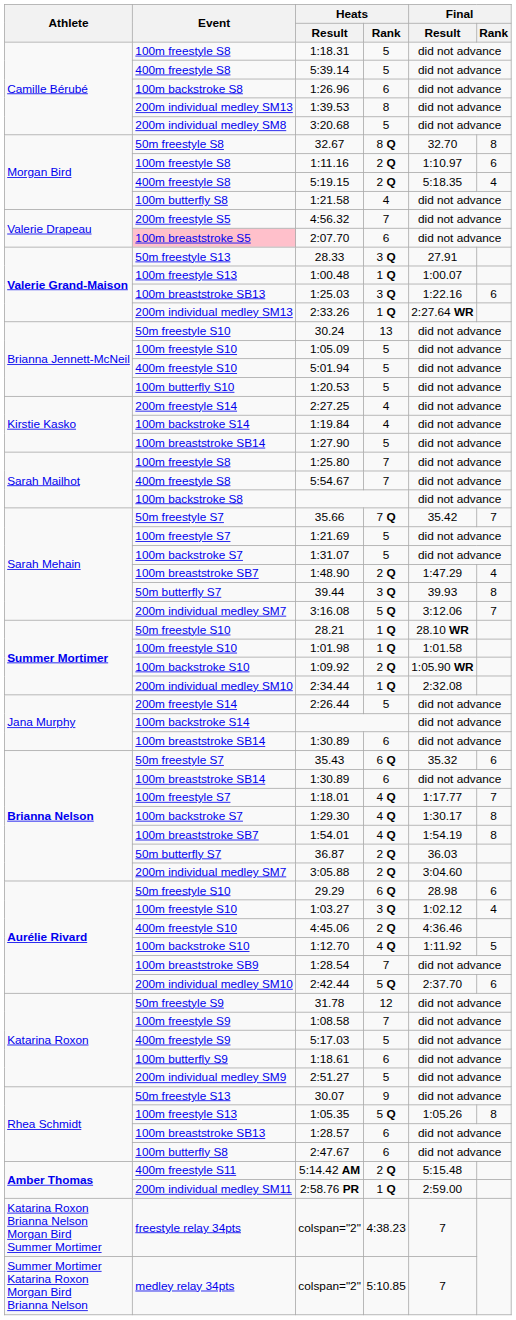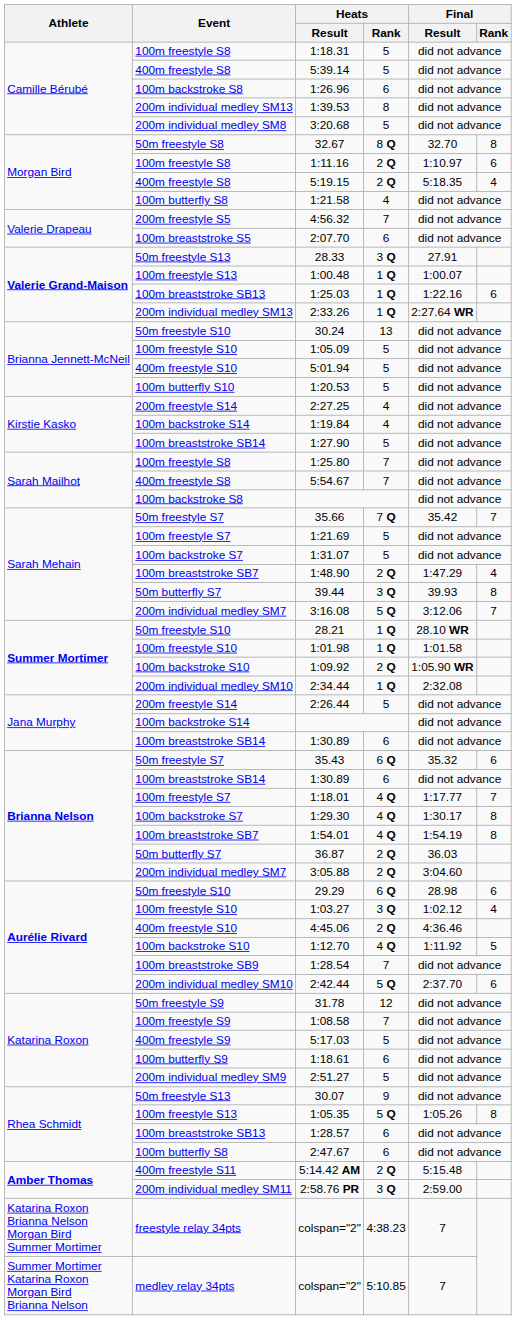 <table class=wikitable style="font-size:90%">
 <tr>
 <th rowspan="2">Athlete</th>
 <th rowspan="2">Event</th>
 <th colspan="2">Heats</th>
 <th colspan="2">Final</th>
 </tr>
 <tr>
 <th>Result</th>
 <th>Rank</th>
 <th>Result</th>
 <th>Rank</th>
 </tr>
 <tr align=center>
 <td rowspan=5 align=left><a href='#'>Camille Bérubé</a></td>
 <td align=left><a href='#'>100m freestyle S8</a></td>
 <td>1:18.31</td>
 <td>5</td>
 <td colspan="2">did not advance</td>
 </tr>
 <tr align=center>
 <td align=left><a href='#'>400m freestyle S8</a></td>
 <td>5:39.14</td>
 <td>5</td>
 <td colspan="2">did not advance</td>
 </tr>
 <tr align=center>
 <td align=left><a href='#'>100m backstroke S8</a></td>
 <td>1:26.96</td>
 <td>6</td>
 <td colspan="2">did not advance</td>
 </tr>
 <tr align=center>
 <td align=left><a href='#'>200m individual medley SM13</a></td>
 <td>1:39.53</td>
 <td>8</td>
 <td colspan="2">did not advance</td>
 </tr>
 <tr align=center>
 <td align=left><a href='#'>200m individual medley SM8</a></td>
 <td>3:20.68</td>
 <td>5</td>
 <td colspan="2">did not advance</td>
 </tr>
 <tr align=center>
 <td rowspan=4 align=left><a href='#'>Morgan Bird</a></td>
 <td align=left><a href='#'>50m freestyle S8</a></td>
 <td>32.67</td>
 <td>8 <strong>Q</strong></td>
 <td>32.70</td>
 <td>8</td>
 </tr>
 <tr align=center>
 <td align=left><a href='#'>100m freestyle S8</a></td>
 <td>1:11.16</td>
 <td>2 <strong>Q</strong></td>
 <td>1:10.97</td>
 <td>6</td>
 </tr>
 <tr align=center>
 <td align=left><a href='#'>400m freestyle S8</a></td>
 <td>5:19.15</td>
 <td>2 <strong>Q</strong></td>
 <td>5:18.35</td>
 <td>4</td>
 </tr>
 <tr align=center>
 <td align=left><a href='#'>100m butterfly S8</a></td>
 <td>1:21.58</td>
 <td>4</td>
 <td colspan="2">did not advance</td>
 </tr>
 <tr align=center>
 <td rowspan=2 align=left><a href='#'>Valerie Drapeau</a></td>
 <td align=left><a href='#'>200m freestyle S5</a></td>
 <td>4:56.32</td>
 <td>7</td>
 <td colspan="2">did not advance</td>
 </tr>
 <tr align=center>
-<td align=left style="background: pink;"><a href='#'>100m breaststroke S5</a></td>
+<td align=left><a href='#'>100m breaststroke S5</a></td>
 <td>2:07.70</td>
 <td>6</td>
 <td colspan="2">did not advance</td>
 </tr>
 <tr align=center>
 <td rowspan=4 align=left><strong><a href='#'>Valerie Grand-Maison</a></strong></td>
 <td align=left><a href='#'>50m freestyle S13</a></td>
 <td>28.33</td>
 <td>3 <strong>Q</strong></td>
 <td>27.91</td>
 <td></td>
 </tr>
 <tr align=center>
 <td align=left><a href='#'>100m freestyle S13</a></td>
 <td>1:00.48</td>
 <td>1 <strong>Q</strong></td>
 <td>1:00.07</td>
 <td></td>
 </tr>
 <tr align=center>
 <td align=left><a href='#'>100m breaststroke SB13</a></td>
 <td>1:25.03</td>
-<td>3 <strong>Q</strong></td>
+<td>1 <strong>Q</strong></td>
 <td>1:22.16</td>
 <td>6</td>
 </tr>
 <tr align=center>
 <td align=left><a href='#'>200m individual medley SM13</a></td>
 <td>2:33.26</td>
 <td>1 <strong>Q</strong></td>
 <td>2:27.64 <strong>WR</strong></td>
 <td></td>
 </tr>
 <tr align=center>
 <td rowspan=4 align=left><a href='#'>Brianna Jennett-McNeil</a></td>
 <td align=left><a href='#'>50m freestyle S10</a></td>
 <td>30.24</td>
 <td>13</td>
 <td colspan="2">did not advance</td>
 </tr>
 <tr align=center>
 <td align=left><a href='#'>100m freestyle S10</a></td>
 <td>1:05.09</td>
 <td>5</td>
 <td colspan="2">did not advance</td>
 </tr>
 <tr align=center>
 <td align=left><a href='#'>400m freestyle S10</a></td>
 <td>5:01.94</td>
 <td>5</td>
 <td colspan="2">did not advance</td>
 </tr>
 <tr align=center>
 <td align=left><a href='#'>100m butterfly S10</a></td>
 <td>1:20.53</td>
 <td>5</td>
 <td colspan="2">did not advance</td>
 </tr>
 <tr align=center>
 <td rowspan=3 align=left><a href='#'>Kirstie Kasko</a></td>
 <td align=left><a href='#'>200m freestyle S14</a></td>
 <td>2:27.25</td>
 <td>4</td>
 <td colspan="2">did not advance</td>
 </tr>
 <tr align=center>
 <td align=left><a href='#'>100m backstroke S14</a></td>
 <td>1:19.84</td>
 <td>4</td>
 <td colspan="2">did not advance</td>
 </tr>
 <tr align=center>
 <td align=left><a href='#'>100m breaststroke SB14</a></td>
 <td>1:27.90</td>
 <td>5</td>
 <td colspan="2">did not advance</td>
 </tr>
 <tr align=center>
 <td rowspan=3 align=left><a href='#'>Sarah Mailhot</a></td>
 <td align=left><a href='#'>100m freestyle S8</a></td>
 <td>1:25.80</td>
 <td>7</td>
 <td colspan="2">did not advance</td>
 </tr>
 <tr align=center>
 <td align=left><a href='#'>400m freestyle S8</a></td>
 <td>5:54.67</td>
 <td>7</td>
 <td colspan="2">did not advance</td>
 </tr>
 <tr align=center>
 <td align=left><a href='#'>100m backstroke S8</a></td>
 <td colspan="2"></td>
 <td colspan="2">did not advance</td>
 </tr>
 <tr align=center>
 <td rowspan=6 align=left><a href='#'>Sarah Mehain</a></td>
 <td align=left><a href='#'>50m freestyle S7</a></td>
 <td>35.66</td>
 <td>7 <strong>Q</strong></td>
 <td>35.42</td>
 <td>7</td>
 </tr>
 <tr align=center>
 <td align=left><a href='#'>100m freestyle S7</a></td>
 <td>1:21.69</td>
 <td>5</td>
 <td colspan="2">did not advance</td>
 </tr>
 <tr align=center>
 <td align=left><a href='#'>100m backstroke S7</a></td>
 <td>1:31.07</td>
 <td>5</td>
 <td colspan="2">did not advance</td>
 </tr>
 <tr align=center>
 <td align=left><a href='#'>100m breaststroke SB7</a></td>
 <td>1:48.90</td>
 <td>2 <strong>Q</strong></td>
 <td>1:47.29</td>
 <td>4</td>
 </tr>
 <tr align=center>
 <td align=left><a href='#'>50m butterfly S7</a></td>
 <td>39.44</td>
 <td>3 <strong>Q</strong></td>
 <td>39.93</td>
 <td>8</td>
 </tr>
 <tr align=center>
 <td align=left><a href='#'>200m individual medley SM7</a></td>
 <td>3:16.08</td>
 <td>5 <strong>Q</strong></td>
 <td>3:12.06</td>
 <td>7</td>
 </tr>
 <tr align=center>
 <td rowspan=4 align=left><strong><a href='#'>Summer Mortimer</a></strong></td>
 <td align=left><a href='#'>50m freestyle S10</a></td>
 <td>28.21</td>
 <td>1 <strong>Q</strong></td>
 <td>28.10 <strong>WR</strong></td>
 <td></td>
 </tr>
 <tr align=center>
 <td align=left><a href='#'>100m freestyle S10</a></td>
 <td>1:01.98</td>
 <td>1 <strong>Q</strong></td>
 <td>1:01.58</td>
 <td></td>
 </tr>
 <tr align=center>
 <td align=left><a href='#'>100m backstroke S10</a></td>
 <td>1:09.92</td>
 <td>2 <strong>Q</strong></td>
 <td>1:05.90 <strong>WR</strong></td>
 <td></td>
 </tr>
 <tr align=center>
 <td align=left><a href='#'>200m individual medley SM10</a></td>
 <td>2:34.44</td>
 <td>1 <strong>Q</strong></td>
 <td>2:32.08</td>
 <td></td>
 </tr>
 <tr align=center>
 <td rowspan=3 align=left><a href='#'>Jana Murphy</a></td>
 <td align=left><a href='#'>200m freestyle S14</a></td>
 <td>2:26.44</td>
 <td>5</td>
 <td colspan="2">did not advance</td>
 </tr>
 <tr align=center>
 <td align=left><a href='#'>100m backstroke S14</a></td>
 <td colspan="2"></td>
 <td colspan="2">did not advance</td>
 </tr>
 <tr align=center>
 <td align=left><a href='#'>100m breaststroke SB14</a></td>
 <td>1:30.89</td>
 <td>6</td>
 <td colspan="2">did not advance</td>
 </tr>
 <tr align=center>
 <td rowspan=7 align=left><strong><a href='#'>Brianna Nelson</a></strong></td>
 <td align=left><a href='#'>50m freestyle S7</a></td>
 <td>35.43</td>
 <td>6 <strong>Q</strong></td>
 <td>35.32</td>
 <td>6</td>
 </tr>
 <tr align=center>
 <td align=left><a href='#'>100m breaststroke SB14</a></td>
 <td>1:30.89</td>
 <td>6</td>
 <td colspan="2">did not advance</td>
 </tr>
 <tr align=center>
 <td align=left><a href='#'>100m freestyle S7</a></td>
 <td>1:18.01</td>
 <td>4 <strong>Q</strong></td>
 <td>1:17.77</td>
 <td>7</td>
 </tr>
 <tr align=center>
 <td align=left><a href='#'>100m backstroke S7</a></td>
 <td>1:29.30</td>
 <td>4 <strong>Q</strong></td>
 <td>1:30.17</td>
 <td>8</td>
 </tr>
 <tr align=center>
 <td align=left><a href='#'>100m breaststroke SB7</a></td>
 <td>1:54.01</td>
 <td>4 <strong>Q</strong></td>
 <td>1:54.19</td>
 <td>8</td>
 </tr>
 <tr align=center>
 <td align=left><a href='#'>50m butterfly S7</a></td>
 <td>36.87</td>
 <td>2 <strong>Q</strong></td>
 <td>36.03</td>
 <td></td>
 </tr>
 <tr align=center>
 <td align=left><a href='#'>200m individual medley SM7</a></td>
 <td>3:05.88</td>
 <td>2 <strong>Q</strong></td>
 <td>3:04.60</td>
 <td></td>
 </tr>
 <tr align=center>
 <td rowspan=6 align=left><strong><a href='#'>Aurélie Rivard</a></strong></td>
 <td align=left><a href='#'>50m freestyle S10</a></td>
 <td>29.29</td>
 <td>6 <strong>Q</strong></td>
 <td>28.98</td>
 <td>6</td>
 </tr>
 <tr align=center>
 <td align=left><a href='#'>100m freestyle S10</a></td>
 <td>1:03.27</td>
 <td>3 <strong>Q</strong></td>
 <td>1:02.12</td>
 <td>4</td>
 </tr>
 <tr align=center>
 <td align=left><a href='#'>400m freestyle S10</a></td>
 <td>4:45.06</td>
 <td>2 <strong>Q</strong></td>
 <td>4:36.46</td>
 <td></td>
 </tr>
 <tr align=center>
 <td align=left><a href='#'>100m backstroke S10</a></td>
 <td>1:12.70</td>
 <td>4 <strong>Q</strong></td>
 <td>1:11.92</td>
 <td>5</td>
 </tr>
 <tr align=center>
 <td align=left><a href='#'>100m breaststroke SB9</a></td>
 <td>1:28.54</td>
 <td>7</td>
 <td colspan="2">did not advance</td>
 </tr>
 <tr align=center>
 <td align=left><a href='#'>200m individual medley SM10</a></td>
 <td>2:42.44</td>
 <td>5 <strong>Q</strong></td>
 <td>2:37.70</td>
 <td>6</td>
 </tr>
 <tr align=center>
 <td rowspan=5 align=left><a href='#'>Katarina Roxon</a></td>
 <td align=left><a href='#'>50m freestyle S9</a></td>
 <td>31.78</td>
 <td>12</td>
 <td colspan="2">did not advance</td>
 </tr>
 <tr align=center>
 <td align=left><a href='#'>100m freestyle S9</a></td>
 <td>1:08.58</td>
 <td>7</td>
 <td colspan="2">did not advance</td>
 </tr>
 <tr align=center>
 <td align=left><a href='#'>400m freestyle S9</a></td>
 <td>5:17.03</td>
 <td>5</td>
 <td colspan="2">did not advance</td>
 </tr>
 <tr align=center>
 <td align=left><a href='#'>100m butterfly S9</a></td>
 <td>1:18.61</td>
 <td>6</td>
 <td colspan="2">did not advance</td>
 </tr>
 <tr align=center>
 <td align=left><a href='#'>200m individual medley SM9</a></td>
 <td>2:51.27</td>
 <td>5</td>
 <td colspan="2">did not advance</td>
 </tr>
 <tr align=center>
 <td rowspan=4 align=left><a href='#'>Rhea Schmidt</a></td>
 <td align=left><a href='#'>50m freestyle S13</a></td>
 <td>30.07</td>
 <td>9</td>
 <td colspan="2">did not advance</td>
 </tr>
 <tr align=center>
 <td align=left><a href='#'>100m freestyle S13</a></td>
 <td>1:05.35</td>
 <td>5 <strong>Q</strong></td>
 <td>1:05.26</td>
 <td>8</td>
 </tr>
 <tr align=center>
 <td align=left><a href='#'>100m breaststroke SB13</a></td>
 <td>1:28.57</td>
 <td>6</td>
 <td colspan="2">did not advance</td>
 </tr>
 <tr align=center>
 <td align=left><a href='#'>100m butterfly S8</a></td>
 <td>2:47.67</td>
 <td>6</td>
 <td colspan="2">did not advance</td>
 </tr>
 <tr align=center>
 <td rowspan=2 align=left><strong><a href='#'>Amber Thomas</a></strong></td>
 <td align=left><a href='#'>400m freestyle S11</a></td>
 <td>5:14.42 <strong>AM</strong></td>
 <td>2 <strong>Q</strong></td>
 <td>5:15.48</td>
 <td></td>
 </tr>
 <tr align=center>
 <td align=left><a href='#'>200m individual medley SM11</a></td>
 <td>2:58.76 <strong>PR</strong></td>
-<td>1 <strong>Q</strong></td>
+<td>3 <strong>Q</strong></td>
 <td>2:59.00</td>
 <td></td>
 </tr>
 <tr align=center>
 <td align=left><a href='#'>Katarina Roxon</a><br><a href='#'>Brianna Nelson</a><br><a href='#'>Morgan Bird</a><br><a href='#'>Summer Mortimer</a></td>
 <td align=left><a href='#'> freestyle relay 34pts</a></td>
 <td>colspan="2" </td>
 <td>4:38.23</td>
 <td>7</td>
 </tr>
 <tr align=center>
 <td align=left><a href='#'>Summer Mortimer</a><br><a href='#'>Katarina Roxon</a><br><a href='#'>Morgan Bird</a><br><a href='#'>Brianna Nelson</a></td>
 <td align=left><a href='#'> medley relay 34pts</a></td>
 <td>colspan="2" </td>
 <td>5:10.85</td>
 <td>7</td>
 </tr>
 </table>
